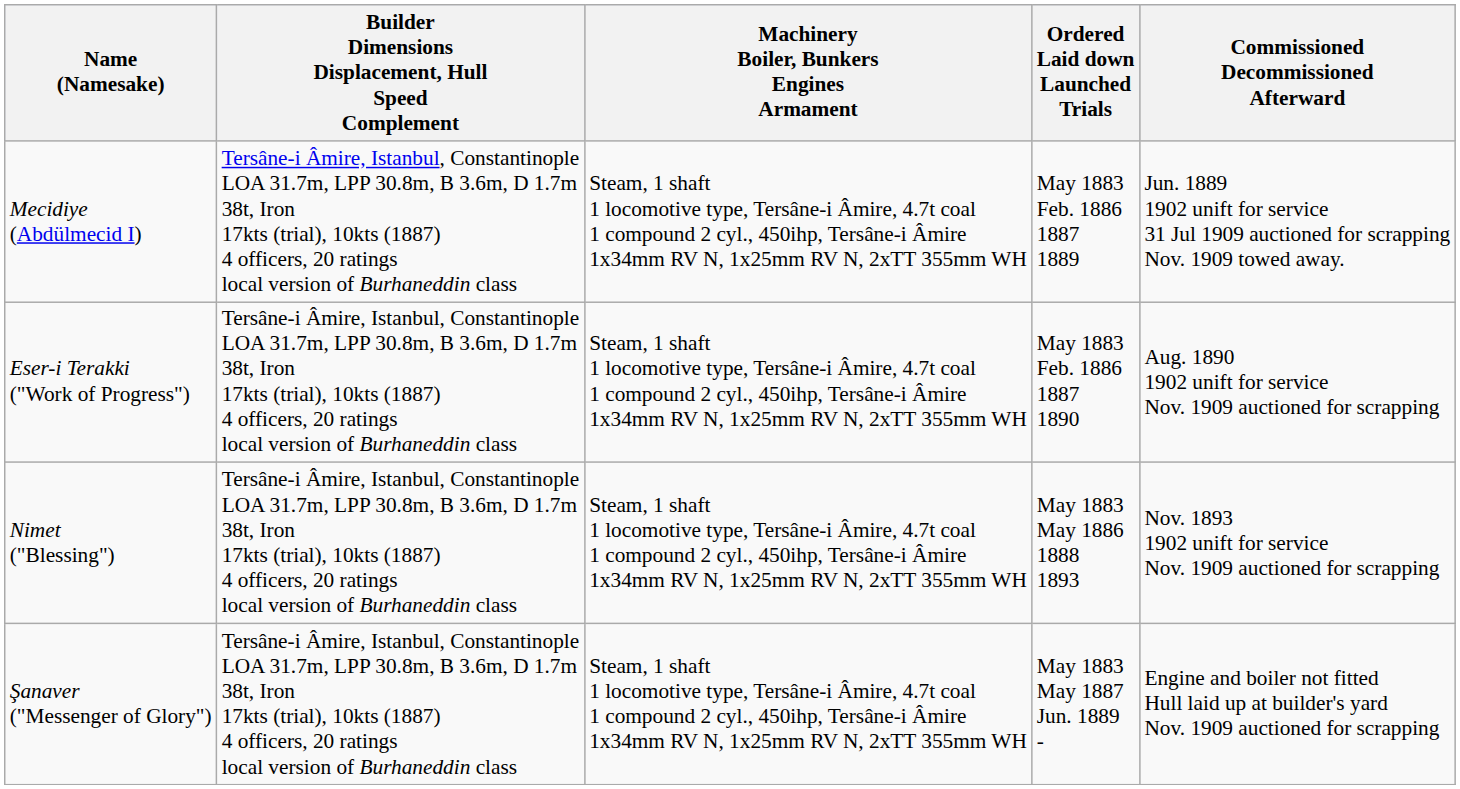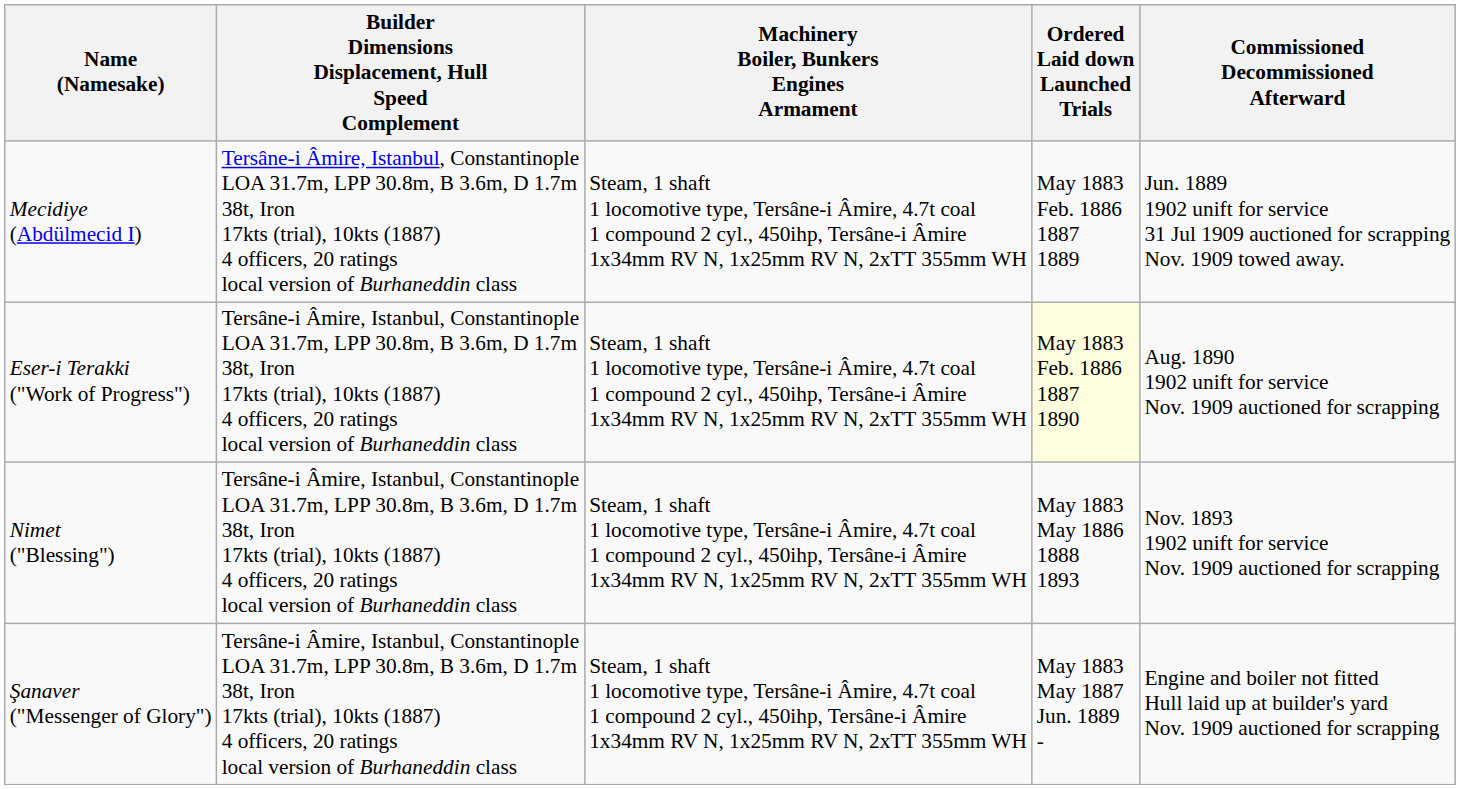 <table class="wikitable" style="font-size:90%;">
 <tr bgcolor="#e6e9ff">
 <th>Name<br>(Namesake)</th>
 <th>Builder<br>Dimensions<br>Displacement, Hull<br>Speed<br>Complement</th>
 <th>Machinery<br>Boiler, Bunkers<br>Engines<br>Armament</th>
 <th>Ordered<br>Laid down<br>Launched<br>Trials</th>
 <th>Commissioned<br>Decommissioned<br>Afterward</th>
 </tr>
 <tr ---->
 <td><em>Mecidiye</em><br>(<a href='#'>Abdülmecid I</a>)</td>
 <td> <a href='#'>Tersâne-i Âmire, Istanbul</a>, Constantinople<br>LOA 31.7m, LPP 30.8m, B 3.6m, D 1.7m<br>38t, Iron<br>17kts (trial), 10kts (1887)<br>4 officers, 20 ratings<br>local version of <em>Burhaneddin</em> class</td>
 <td>Steam, 1 shaft<br>1 locomotive type, Tersâne-i Âmire, 4.7t coal<br>1 compound 2 cyl., 450ihp, Tersâne-i Âmire<br>1x34mm RV N, 1x25mm RV N, 2xTT 355mm WH</td>
 <td>May 1883<br>Feb. 1886<br>1887<br>1889</td>
 <td>Jun. 1889<br>1902 unift for service<br>31 Jul 1909 auctioned for scrapping<br>Nov. 1909 towed away.</td>
 </tr>
 <tr ---->
 <td><em>Eser-i Terakki</em><br>("Work of Progress")</td>
 <td> Tersâne-i Âmire, Istanbul, Constantinople<br>LOA 31.7m, LPP 30.8m, B 3.6m, D 1.7m<br>38t, Iron<br>17kts (trial), 10kts (1887)<br>4 officers, 20 ratings<br>local version of <em>Burhaneddin</em> class</td>
 <td>Steam, 1 shaft<br>1 locomotive type, Tersâne-i Âmire, 4.7t coal<br>1 compound 2 cyl., 450ihp, Tersâne-i Âmire<br>1x34mm RV N, 1x25mm RV N, 2xTT 355mm WH</td>
-<td>May 1883<br>Feb. 1886<br>1887<br>1890</td>
+<td style="background: lightyellow;">May 1883<br>Feb. 1886<br>1887<br>1890</td>
 <td>Aug. 1890<br>1902 unift for service<br>Nov. 1909 auctioned for scrapping</td>
 </tr>
 <tr ---->
 <td><em>Nimet</em><br>("Blessing")</td>
 <td> Tersâne-i Âmire, Istanbul, Constantinople<br>LOA 31.7m, LPP 30.8m, B 3.6m, D 1.7m<br>38t, Iron<br>17kts (trial), 10kts (1887)<br>4 officers, 20 ratings<br>local version of <em>Burhaneddin</em> class</td>
 <td>Steam, 1 shaft<br>1 locomotive type, Tersâne-i Âmire, 4.7t coal<br>1 compound 2 cyl., 450ihp, Tersâne-i Âmire<br>1x34mm RV N, 1x25mm RV N, 2xTT 355mm WH</td>
 <td>May 1883<br>May 1886<br>1888<br>1893</td>
 <td>Nov. 1893<br>1902 unift for service<br>Nov. 1909 auctioned for scrapping</td>
 </tr>
 <tr ---->
 <td><em>Şanaver</em><br>("Messenger of Glory")</td>
 <td> Tersâne-i Âmire, Istanbul, Constantinople<br>LOA 31.7m, LPP 30.8m, B 3.6m, D 1.7m<br>38t, Iron<br>17kts (trial), 10kts (1887)<br>4 officers, 20 ratings<br>local version of <em>Burhaneddin</em> class</td>
 <td>Steam, 1 shaft<br>1 locomotive type, Tersâne-i Âmire, 4.7t coal<br>1 compound 2 cyl., 450ihp, Tersâne-i Âmire<br>1x34mm RV N, 1x25mm RV N, 2xTT 355mm WH</td>
 <td>May 1883<br>May 1887<br>Jun. 1889<br>-</td>
 <td>Engine and boiler not fitted<br>Hull laid up at builder's yard<br>Nov. 1909 auctioned for scrapping</td>
 </tr>
 <tr ---->
 </tr>
 </table>
